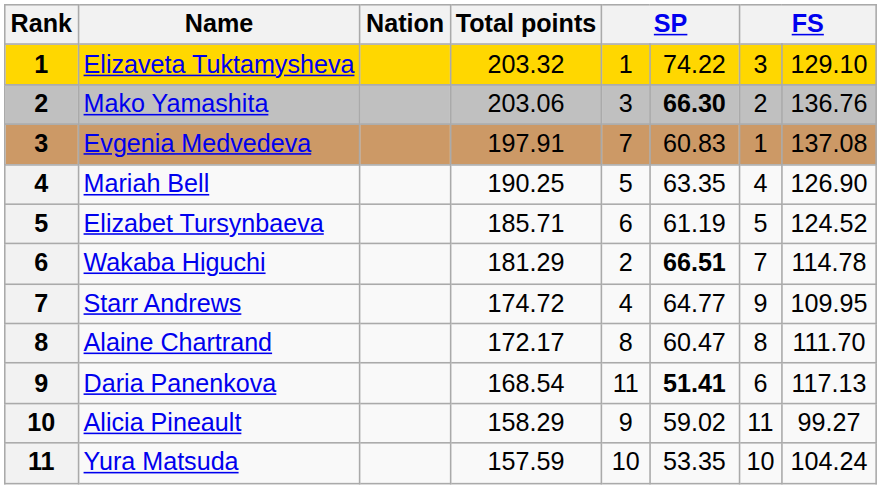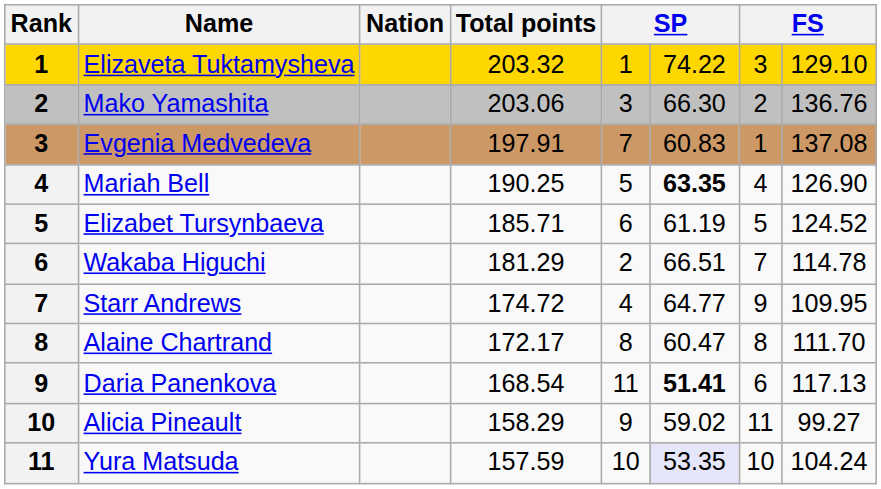 <table class="wikitable sortable">
 <tr>
 <th>Rank</th>
 <th>Name</th>
 <th>Nation</th>
 <th>Total points</th>
 <th colspan="2" width="80px"><a href='#'>SP</a></th>
 <th colspan="2" width="80px"><a href='#'>FS</a></th>
 </tr>
 <tr bgcolor="gold">
 <td align="center"><strong>1</strong></td>
 <td><a href='#'>Elizaveta Tuktamysheva</a></td>
 <td></td>
 <td align="center">203.32</td>
 <td align="center">1</td>
 <td align="center">74.22</td>
 <td align="center">3</td>
 <td align="center">129.10</td>
 </tr>
 <tr bgcolor="silver">
 <td align="center"><strong>2</strong></td>
 <td><a href='#'>Mako Yamashita</a></td>
 <td></td>
 <td align="center">203.06</td>
 <td align="center">3</td>
-<td align="center"><strong>66.30</strong></td>
+<td align="center">66.30</td>
 <td align="center">2</td>
 <td align="center">136.76</td>
 </tr>
 <tr bgcolor="cc9966">
 <td align="center"><strong>3</strong></td>
 <td><a href='#'>Evgenia Medvedeva</a></td>
 <td></td>
 <td align="center">197.91</td>
 <td align="center">7</td>
 <td align="center">60.83</td>
 <td align="center">1</td>
 <td align="center">137.08</td>
 </tr>
 <tr>
 <th>4</th>
 <td><a href='#'>Mariah Bell</a></td>
 <td></td>
 <td align="center">190.25</td>
 <td align="center">5</td>
-<td align="center">63.35</td>
+<td align="center"><strong>63.35</strong></td>
 <td align="center">4</td>
 <td align="center">126.90</td>
 </tr>
 <tr>
 <th>5</th>
 <td><a href='#'>Elizabet Tursynbaeva</a></td>
 <td></td>
 <td align="center">185.71</td>
 <td align="center">6</td>
 <td align="center">61.19</td>
 <td align="center">5</td>
 <td align="center">124.52</td>
 </tr>
 <tr>
 <th>6</th>
 <td><a href='#'>Wakaba Higuchi</a></td>
 <td></td>
 <td align="center">181.29</td>
 <td align="center">2</td>
-<td align="center"><strong>66.51</strong></td>
+<td align="center">66.51</td>
 <td align="center">7</td>
 <td align="center">114.78</td>
 </tr>
 <tr>
 <th>7</th>
 <td><a href='#'>Starr Andrews</a></td>
 <td></td>
 <td align="center">174.72</td>
 <td align="center">4</td>
 <td align="center">64.77</td>
 <td align="center">9</td>
 <td align="center">109.95</td>
 </tr>
 <tr>
 <th>8</th>
 <td><a href='#'>Alaine Chartrand</a></td>
 <td></td>
 <td align="center">172.17</td>
 <td align="center">8</td>
 <td align="center">60.47</td>
 <td align="center">8</td>
 <td align="center">111.70</td>
 </tr>
 <tr>
 <th>9</th>
 <td><a href='#'>Daria Panenkova</a></td>
 <td></td>
 <td align="center">168.54</td>
 <td align="center">11</td>
 <td align="center"><strong>51.41</strong></td>
 <td align="center">6</td>
 <td align="center">117.13</td>
 </tr>
 <tr>
 <th>10</th>
 <td><a href='#'>Alicia Pineault</a></td>
 <td></td>
 <td align="center">158.29</td>
 <td align="center">9</td>
 <td align="center">59.02</td>
 <td align="center">11</td>
 <td align="center">99.27</td>
 </tr>
 <tr>
 <th>11</th>
 <td><a href='#'>Yura Matsuda</a></td>
 <td></td>
 <td align="center">157.59</td>
 <td align="center">10</td>
-<td align="center">53.35</td>
+<td align="center" style="background: lavender;">53.35</td>
 <td align="center">10</td>
 <td align="center">104.24</td>
 </tr>
 </table>
